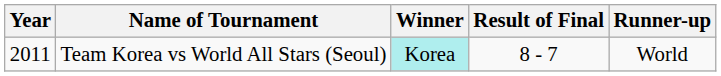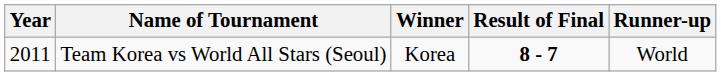 <table class="wikitable" style="text-align:center">
 <tr>
 <th>Year</th>
 <th>Name of Tournament</th>
 <th>Winner</th>
 <th>Result of Final</th>
 <th>Runner-up</th>
 </tr>
 <tr>
 <td>2011</td>
 <td>Team Korea vs World All Stars (Seoul)</td>
-<td style="background: paleturquoise;">Korea</td>
-<td>8 - 7</td>
+<td>Korea</td>
+<td><strong>8 - 7</strong></td>
 <td>World</td>
 </tr>
 </table>
